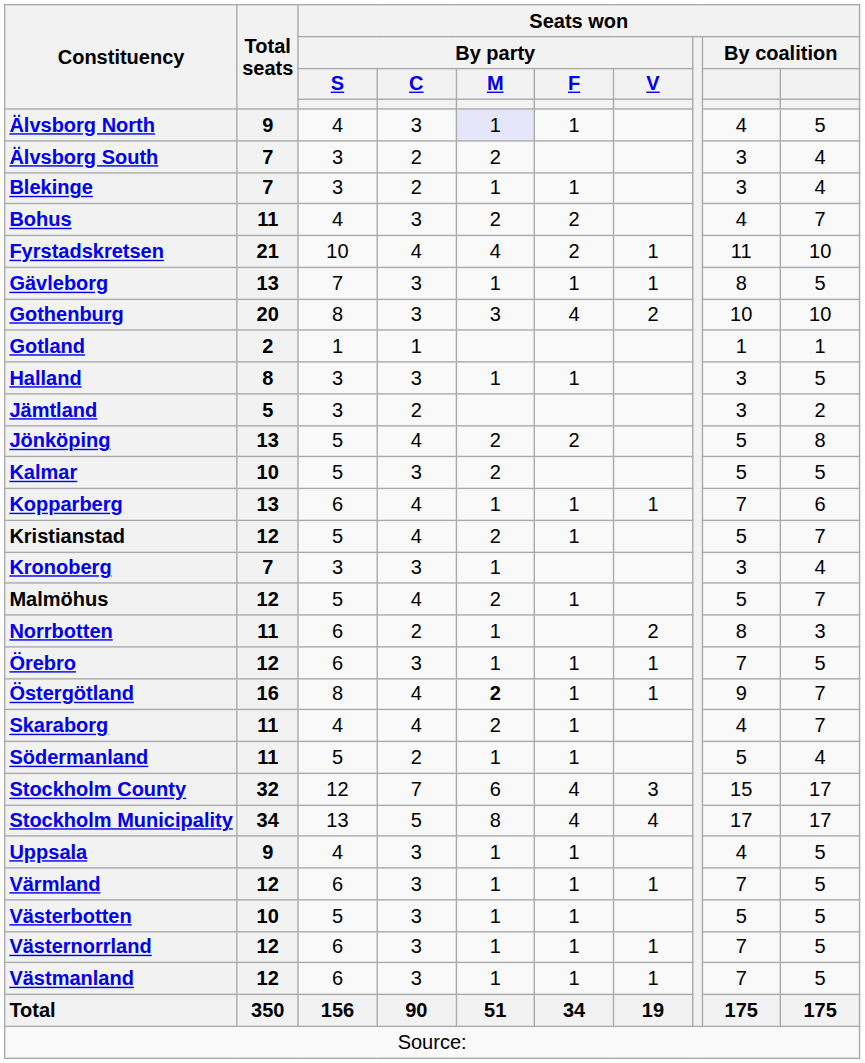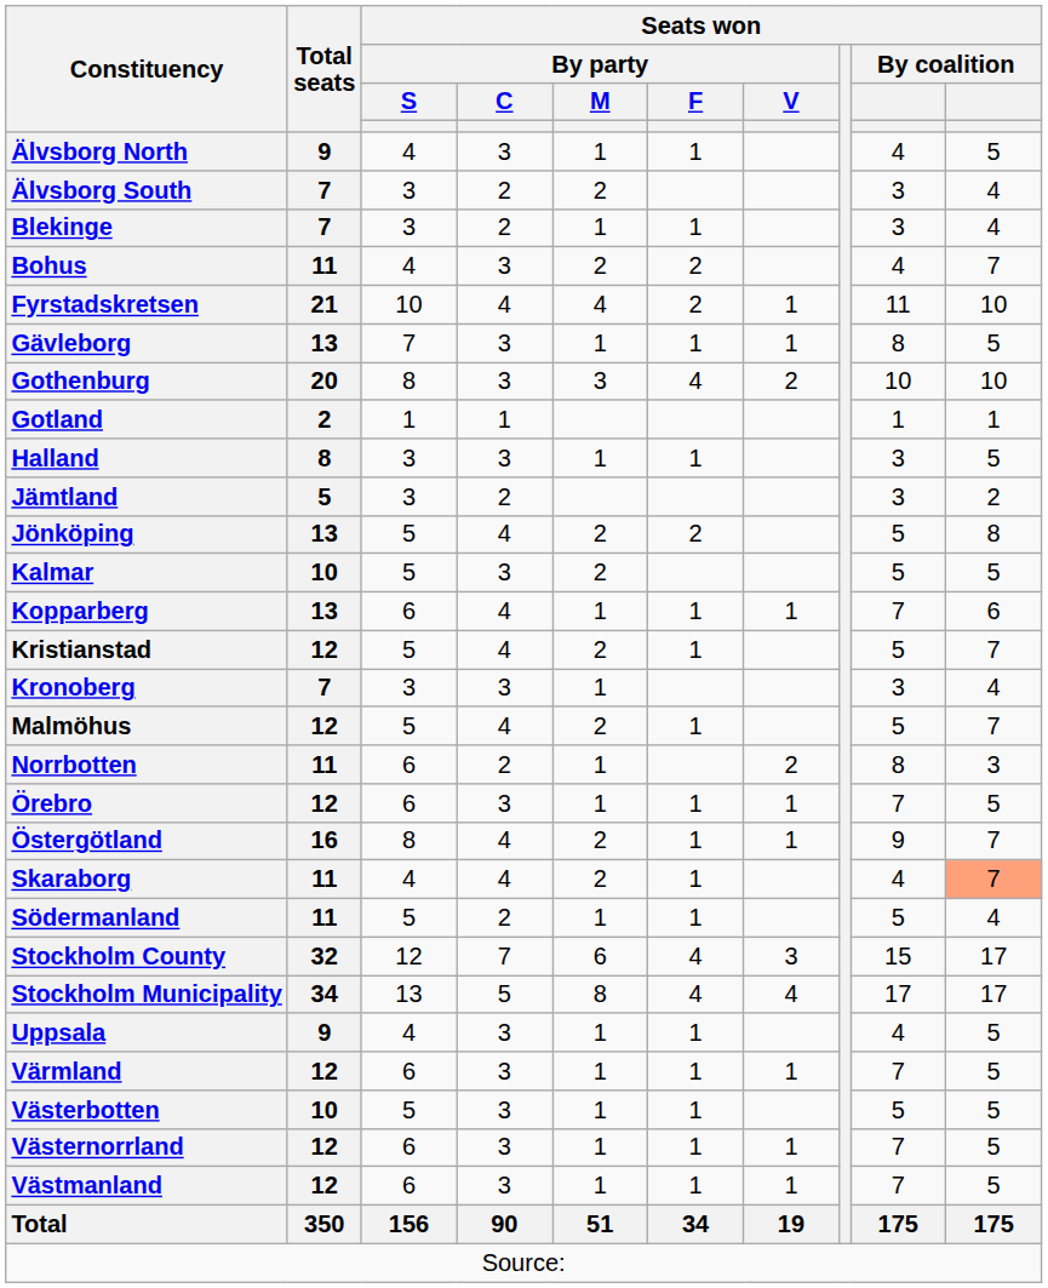 <table class="wikitable" style="text-align:center; font-size: 0.9em;">
 <tr>
 <th rowspan="4">Constituency</th>
 <th rowspan="4">Total<br>seats</th>
 <th colspan="8">Seats won</th>
 </tr>
 <tr>
 <th colspan="5">By party</th>
 <th rowspan="32"></th>
 <th colspan="2">By coalition</th>
 </tr>
 <tr>
 <th class="unsortable" style="width:50px;"><a href='#'>S</a></th>
 <th class="unsortable" style="width:50px;"><a href='#'>C</a></th>
 <th class="unsortable" style="width:50px;"><a href='#'>M</a></th>
 <th class="unsortable" style="width:50px;"><a href='#'>F</a></th>
 <th class="unsortable" style="width:50px;"><a href='#'>V</a></th>
 <th class="unsortable" style="width:50px;"></th>
 <th class="unsortable" style="width:50px;"></th>
 </tr>
 <tr>
 <th style="background:"></th>
 <th style="background:"></th>
 <th style="background:"></th>
 <th style="background:"></th>
 <th style="background:"></th>
 <th style="background:"></th>
 <th style="background:"></th>
 </tr>
 <tr>
 <th style="text-align: left;"><a href='#'>Älvsborg North</a></th>
 <th>9</th>
 <td>4</td>
 <td>3</td>
-<td style="background: lavender;">1</td>
+<td>1</td>
 <td>1</td>
 <td></td>
 <td>4</td>
 <td>5</td>
 </tr>
 <tr>
 <th style="text-align: left;"><a href='#'>Älvsborg South</a></th>
 <th>7</th>
 <td>3</td>
 <td>2</td>
 <td>2</td>
 <td></td>
 <td></td>
 <td>3</td>
 <td>4</td>
 </tr>
 <tr>
 <th style="text-align: left;"><a href='#'>Blekinge</a></th>
 <th>7</th>
 <td>3</td>
 <td>2</td>
 <td>1</td>
 <td>1</td>
 <td></td>
 <td>3</td>
 <td>4</td>
 </tr>
 <tr>
 <th style="text-align: left;"><a href='#'>Bohus</a></th>
 <th>11</th>
 <td>4</td>
 <td>3</td>
 <td>2</td>
 <td>2</td>
 <td></td>
 <td>4</td>
 <td>7</td>
 </tr>
 <tr>
 <th style="text-align: left;"><a href='#'>Fyrstadskretsen</a></th>
 <th>21</th>
 <td>10</td>
 <td>4</td>
 <td>4</td>
 <td>2</td>
 <td>1</td>
 <td>11</td>
 <td>10</td>
 </tr>
 <tr>
 <th style="text-align: left;"><a href='#'>Gävleborg</a></th>
 <th>13</th>
 <td>7</td>
 <td>3</td>
 <td>1</td>
 <td>1</td>
 <td>1</td>
 <td>8</td>
 <td>5</td>
 </tr>
 <tr>
 <th style="text-align: left;"><a href='#'>Gothenburg</a></th>
 <th>20</th>
 <td>8</td>
 <td>3</td>
 <td>3</td>
 <td>4</td>
 <td>2</td>
 <td>10</td>
 <td>10</td>
 </tr>
 <tr>
 <th style="text-align: left;"><a href='#'>Gotland</a></th>
 <th>2</th>
 <td>1</td>
 <td>1</td>
 <td></td>
 <td></td>
 <td></td>
 <td>1</td>
 <td>1</td>
 </tr>
 <tr>
 <th style="text-align: left;"><a href='#'>Halland</a></th>
 <th>8</th>
 <td>3</td>
 <td>3</td>
 <td>1</td>
 <td>1</td>
 <td></td>
 <td>3</td>
 <td>5</td>
 </tr>
 <tr>
 <th style="text-align: left;"><a href='#'>Jämtland</a></th>
 <th>5</th>
 <td>3</td>
 <td>2</td>
 <td></td>
 <td></td>
 <td></td>
 <td>3</td>
 <td>2</td>
 </tr>
 <tr>
 <th style="text-align: left;"><a href='#'>Jönköping</a></th>
 <th>13</th>
 <td>5</td>
 <td>4</td>
 <td>2</td>
 <td>2</td>
 <td></td>
 <td>5</td>
 <td>8</td>
 </tr>
 <tr>
 <th style="text-align: left;"><a href='#'>Kalmar</a></th>
 <th>10</th>
 <td>5</td>
 <td>3</td>
 <td>2</td>
 <td></td>
 <td></td>
 <td>5</td>
 <td>5</td>
 </tr>
 <tr>
 <th style="text-align: left;"><a href='#'>Kopparberg</a></th>
 <th>13</th>
 <td>6</td>
 <td>4</td>
 <td>1</td>
 <td>1</td>
 <td>1</td>
 <td>7</td>
 <td>6</td>
 </tr>
 <tr>
 <th style="text-align: left;">Kristianstad</th>
 <th>12</th>
 <td>5</td>
 <td>4</td>
 <td>2</td>
 <td>1</td>
 <td></td>
 <td>5</td>
 <td>7</td>
 </tr>
 <tr>
 <th style="text-align: left;"><a href='#'>Kronoberg</a></th>
 <th>7</th>
 <td>3</td>
 <td>3</td>
 <td>1</td>
 <td></td>
 <td></td>
 <td>3</td>
 <td>4</td>
 </tr>
 <tr>
 <th style="text-align: left;">Malmöhus</th>
 <th>12</th>
 <td>5</td>
 <td>4</td>
 <td>2</td>
 <td>1</td>
 <td></td>
 <td>5</td>
 <td>7</td>
 </tr>
 <tr>
 <th style="text-align: left;"><a href='#'>Norrbotten</a></th>
 <th>11</th>
 <td>6</td>
 <td>2</td>
 <td>1</td>
 <td></td>
 <td>2</td>
 <td>8</td>
 <td>3</td>
 </tr>
 <tr>
 <th style="text-align: left;"><a href='#'>Örebro</a></th>
 <th>12</th>
 <td>6</td>
 <td>3</td>
 <td>1</td>
 <td>1</td>
 <td>1</td>
 <td>7</td>
 <td>5</td>
 </tr>
 <tr>
 <th style="text-align: left;"><a href='#'>Östergötland</a></th>
 <th>16</th>
 <td>8</td>
 <td>4</td>
-<td><strong>2</strong></td>
+<td>2</td>
 <td>1</td>
 <td>1</td>
 <td>9</td>
 <td>7</td>
 </tr>
 <tr>
 <th style="text-align: left;"><a href='#'>Skaraborg</a></th>
 <th>11</th>
 <td>4</td>
 <td>4</td>
 <td>2</td>
 <td>1</td>
 <td></td>
 <td>4</td>
-<td>7</td>
+<td style="background: lightsalmon;">7</td>
 </tr>
 <tr>
 <th style="text-align: left;"><a href='#'>Södermanland</a></th>
 <th>11</th>
 <td>5</td>
 <td>2</td>
 <td>1</td>
 <td>1</td>
 <td></td>
 <td>5</td>
 <td>4</td>
 </tr>
 <tr>
 <th style="text-align: left;"><a href='#'>Stockholm County</a></th>
 <th>32</th>
 <td>12</td>
 <td>7</td>
 <td>6</td>
 <td>4</td>
 <td>3</td>
 <td>15</td>
 <td>17</td>
 </tr>
 <tr>
 <th style="text-align: left;"><a href='#'>Stockholm Municipality</a></th>
 <th>34</th>
 <td>13</td>
 <td>5</td>
 <td>8</td>
 <td>4</td>
 <td>4</td>
 <td>17</td>
 <td>17</td>
 </tr>
 <tr>
 <th style="text-align: left;"><a href='#'>Uppsala</a></th>
 <th>9</th>
 <td>4</td>
 <td>3</td>
 <td>1</td>
 <td>1</td>
 <td></td>
 <td>4</td>
 <td>5</td>
 </tr>
 <tr>
 <th style="text-align: left;"><a href='#'>Värmland</a></th>
 <th>12</th>
 <td>6</td>
 <td>3</td>
 <td>1</td>
 <td>1</td>
 <td>1</td>
 <td>7</td>
 <td>5</td>
 </tr>
 <tr>
 <th style="text-align: left;"><a href='#'>Västerbotten</a></th>
 <th>10</th>
 <td>5</td>
 <td>3</td>
 <td>1</td>
 <td>1</td>
 <td></td>
 <td>5</td>
 <td>5</td>
 </tr>
 <tr>
 <th style="text-align: left;"><a href='#'>Västernorrland</a></th>
 <th>12</th>
 <td>6</td>
 <td>3</td>
 <td>1</td>
 <td>1</td>
 <td>1</td>
 <td>7</td>
 <td>5</td>
 </tr>
 <tr>
 <th style="text-align: left;"><a href='#'>Västmanland</a></th>
 <th>12</th>
 <td>6</td>
 <td>3</td>
 <td>1</td>
 <td>1</td>
 <td>1</td>
 <td>7</td>
 <td>5</td>
 </tr>
 <tr>
 <th style="text-align: left;">Total</th>
 <th>350</th>
 <th>156</th>
 <th>90</th>
 <th>51</th>
 <th>34</th>
 <th>19</th>
 <th>175</th>
 <th>175</th>
 </tr>
 <tr>
 <td colspan="10">Source: </td>
 </tr>
 </table>
